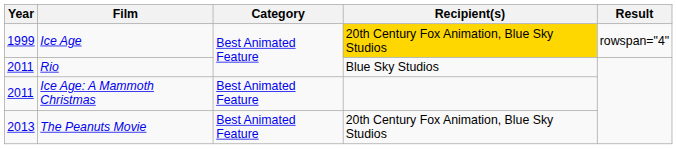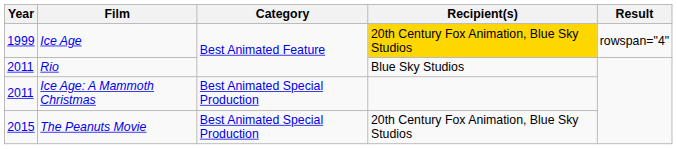 <table class="wikitable sortable">
 <tr>
 <th>Year</th>
 <th>Film</th>
 <th>Category</th>
 <th>Recipient(s)</th>
 <th>Result</th>
 </tr>
 <tr>
 <td><a href='#'>1999</a></td>
 <td><em><a href='#'>Ice Age</a></em></td>
 <td rowspan="2"><a href='#'>Best Animated Feature</a></td>
 <td style="background: gold;">20th Century Fox Animation, Blue Sky Studios</td>
 <td>rowspan="4" </td>
 </tr>
 <tr>
 <td><a href='#'>2011</a></td>
 <td><em><a href='#'>Rio</a></em></td>
 <td>Blue Sky Studios</td>
 </tr>
 <tr>
 <td><a href='#'>2011</a></td>
 <td><em><a href='#'>Ice Age: A Mammoth Christmas</a></em></td>
-<td><a href='#'>Best Animated Feature</a></td>
+<td><a href='#'>Best Animated Special Production</a></td>
 <td></td>
 </tr>
 <tr>
-<td><a href='#'>2013</a></td>
+<td><a href='#'>2015</a></td>
 <td><em><a href='#'>The Peanuts Movie</a></em></td>
-<td><a href='#'>Best Animated Feature</a></td>
+<td><a href='#'>Best Animated Special Production</a></td>
 <td>20th Century Fox Animation, Blue Sky Studios</td>
 </tr>
 </table>
